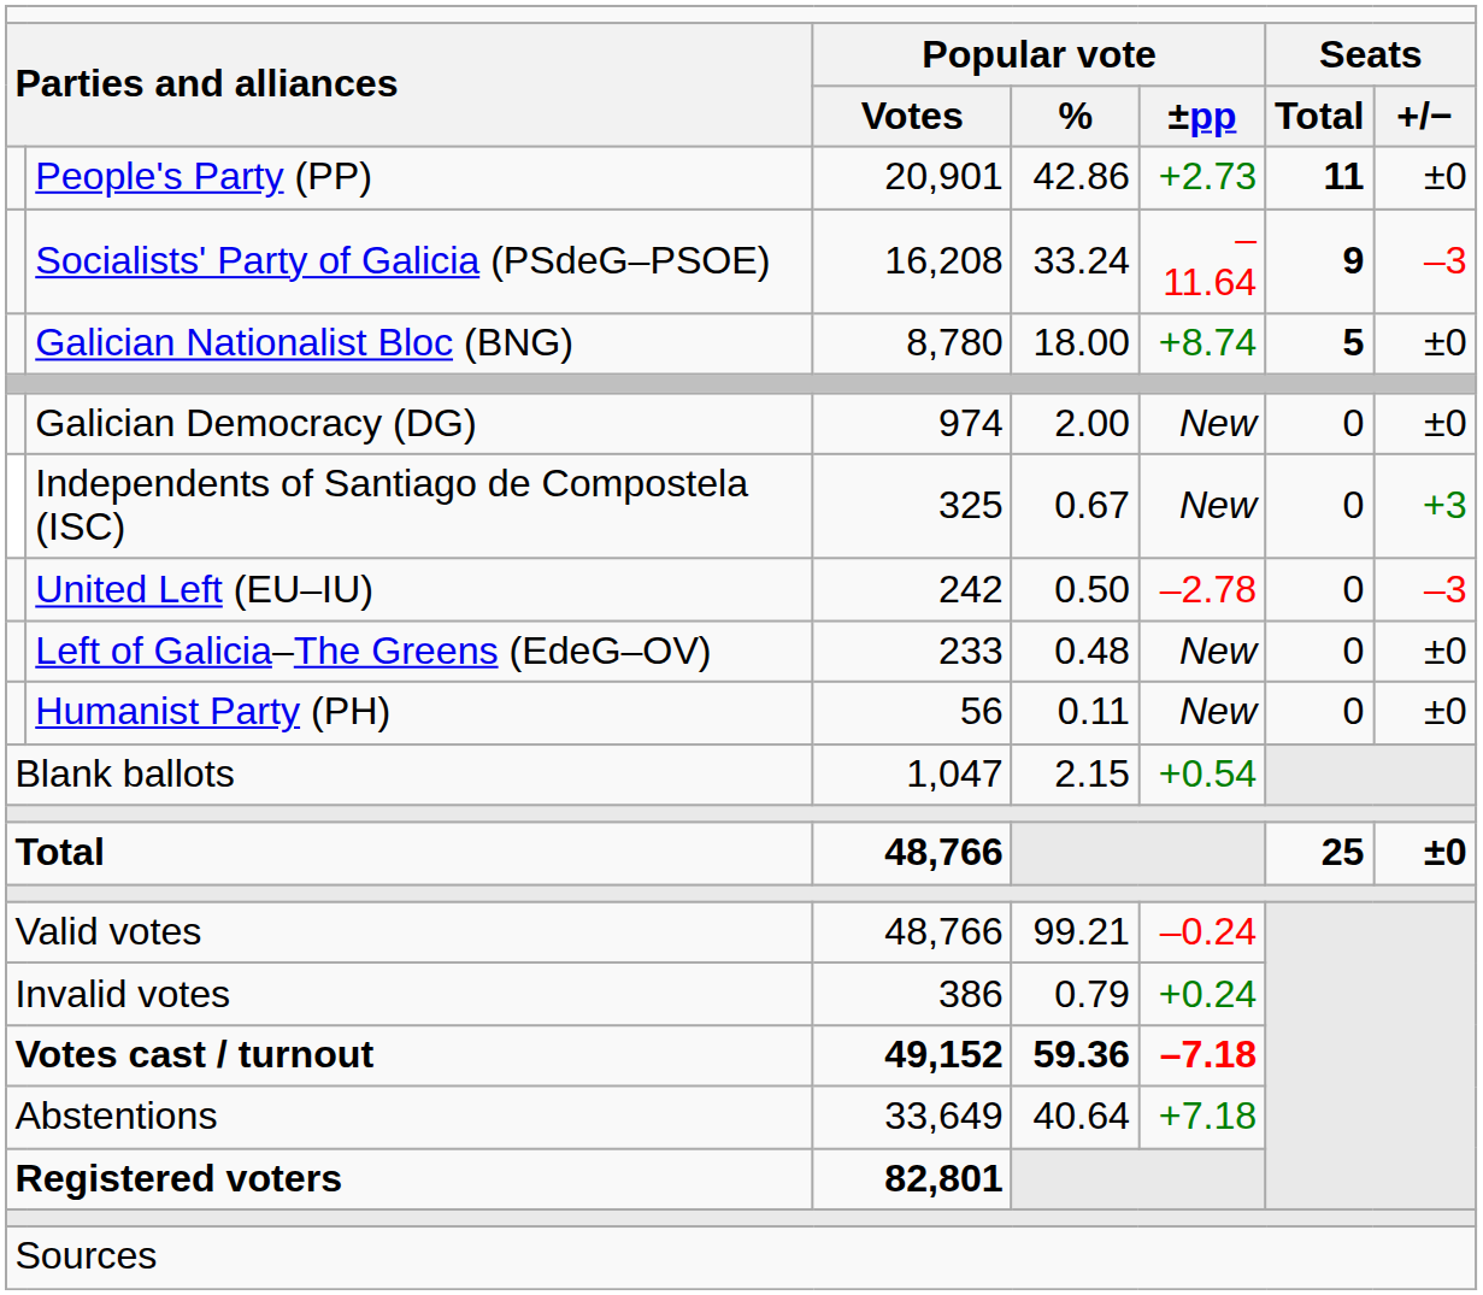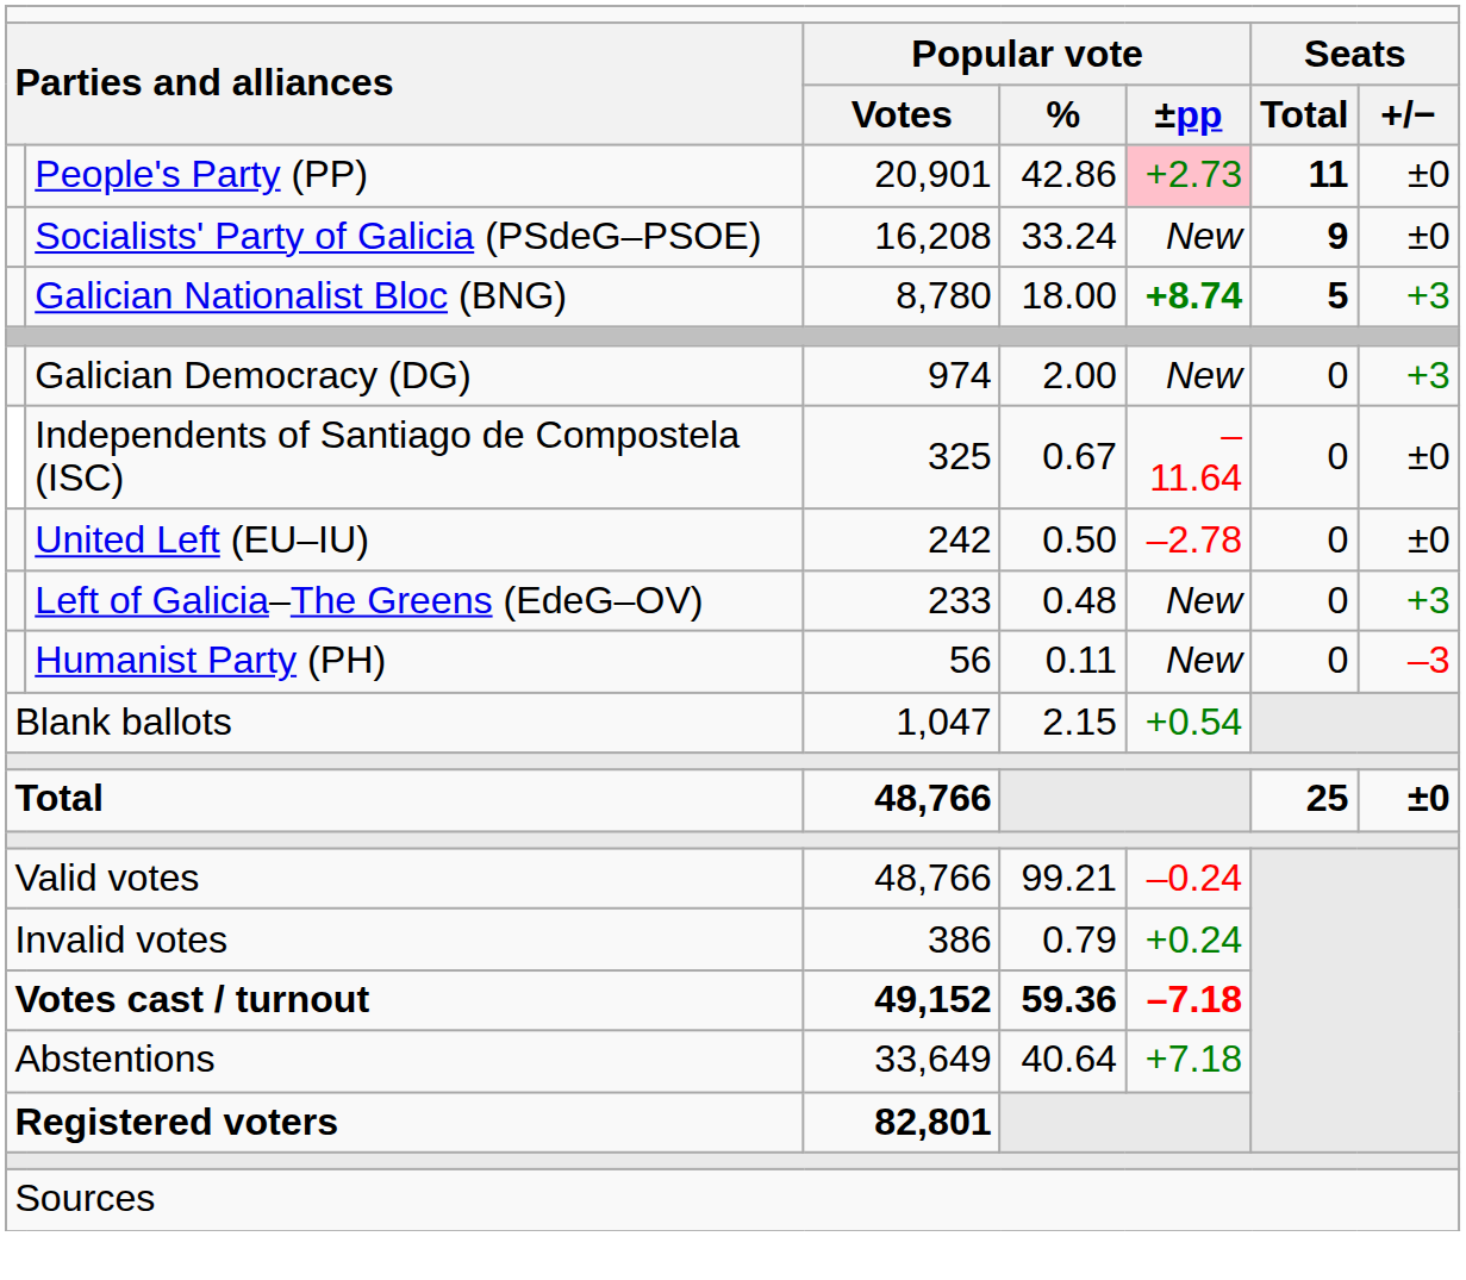 <table class="wikitable" style="text-align:right;">
 <tr>
 <td colspan="7"></td>
 </tr>
 <tr>
 <th style="text-align:left;" rowspan="2" colspan="2" width="525">Parties and alliances</th>
 <th colspan="3">Popular vote</th>
 <th colspan="2">Seats</th>
 </tr>
 <tr>
 <th width="75">Votes</th>
 <th width="45">%</th>
 <th width="45">±<a href='#'>pp</a></th>
 <th width="35">Total</th>
 <th width="35">+/−</th>
 </tr>
 <tr>
 <td width="1" style="color:inherit;background:"></td>
 <td align="left"><a href='#'>People's Party</a> (PP)</td>
 <td>20,901</td>
 <td>42.86</td>
-<td style="color:green;">+2.73</td>
+<td style="background: pink; color:green;">+2.73</td>
 <td><strong>11</strong></td>
 <td>±0</td>
 </tr>
 <tr>
 <td style="color:inherit;background:"></td>
 <td align="left"><a href='#'>Socialists' Party of Galicia</a> (PSdeG–PSOE)</td>
 <td>16,208</td>
 <td>33.24</td>
-<td style="color:red;">–11.64</td>
+<td><em>New</em></td>
 <td><strong>9</strong></td>
-<td style="color:red;">–3</td>
+<td>±0</td>
 </tr>
 <tr>
 <td style="color:inherit;background:"></td>
 <td align="left"><a href='#'>Galician Nationalist Bloc</a> (BNG)</td>
 <td>8,780</td>
 <td>18.00</td>
-<td style="color:green;">+8.74</td>
+<td style="color:green;"><strong>+8.74</strong></td>
 <td><strong>5</strong></td>
-<td>±0</td>
+<td style="color:green;">+3</td>
 </tr>
 <tr>
 <td colspan="7" bgcolor="#C0C0C0"></td>
 </tr>
 <tr>
 <td style="color:inherit;background:"></td>
 <td align="left">Galician Democracy (DG)</td>
 <td>974</td>
 <td>2.00</td>
 <td><em>New</em></td>
 <td>0</td>
-<td>±0</td>
+<td style="color:green;">+3</td>
 </tr>
 <tr>
 <td bgcolor="white"></td>
 <td align="left">Independents of Santiago de Compostela (ISC)</td>
 <td>325</td>
 <td>0.67</td>
-<td><em>New</em></td>
+<td style="color:red;">–11.64</td>
 <td>0</td>
-<td style="color:green;">+3</td>
+<td>±0</td>
 </tr>
 <tr>
 <td style="color:inherit;background:"></td>
 <td align="left"><a href='#'>United Left</a> (EU–IU)</td>
 <td>242</td>
 <td>0.50</td>
 <td style="color:red;">–2.78</td>
 <td>0</td>
-<td style="color:red;">–3</td>
+<td>±0</td>
 </tr>
 <tr>
 <td style="color:inherit;background:"></td>
 <td align="left"><a href='#'>Left of Galicia</a>–<a href='#'>The Greens</a> (EdeG–OV)</td>
 <td>233</td>
 <td>0.48</td>
 <td><em>New</em></td>
 <td>0</td>
-<td>±0</td>
+<td style="color:green;">+3</td>
 </tr>
 <tr>
 <td style="color:inherit;background:"></td>
 <td align="left"><a href='#'>Humanist Party</a> (PH)</td>
 <td>56</td>
 <td>0.11</td>
 <td><em>New</em></td>
 <td>0</td>
-<td>±0</td>
+<td style="color:red;">–3</td>
 </tr>
 <tr>
 <td align="left" colspan="2">Blank ballots</td>
 <td>1,047</td>
 <td>2.15</td>
 <td style="color:green;">+0.54</td>
 <td bgcolor="#E9E9E9" colspan="2"></td>
 </tr>
 <tr>
 <td colspan="7" bgcolor="#E9E9E9"></td>
 </tr>
 <tr style="font-weight:bold;">
 <td align="left" colspan="2">Total</td>
 <td>48,766</td>
 <td bgcolor="#E9E9E9" colspan="2"></td>
 <td>25</td>
 <td>±0</td>
 </tr>
 <tr>
 <td colspan="7" bgcolor="#E9E9E9"></td>
 </tr>
 <tr>
 <td align="left" colspan="2">Valid votes</td>
 <td>48,766</td>
 <td>99.21</td>
 <td style="color:red;">–0.24</td>
 <td bgcolor="#E9E9E9" colspan="2" rowspan="5"></td>
 </tr>
 <tr>
 <td align="left" colspan="2">Invalid votes</td>
 <td>386</td>
 <td>0.79</td>
 <td style="color:green;">+0.24</td>
 </tr>
 <tr style="font-weight:bold;">
 <td align="left" colspan="2">Votes cast / turnout</td>
 <td>49,152</td>
 <td>59.36</td>
 <td style="color:red;">–7.18</td>
 </tr>
 <tr>
 <td align="left" colspan="2">Abstentions</td>
 <td>33,649</td>
 <td>40.64</td>
 <td style="color:green;">+7.18</td>
 </tr>
 <tr style="font-weight:bold;">
 <td align="left" colspan="2">Registered voters</td>
 <td>82,801</td>
 <td bgcolor="#E9E9E9" colspan="2"></td>
 </tr>
 <tr>
 <td colspan="7" bgcolor="#E9E9E9"></td>
 </tr>
 <tr>
 <td align="left" colspan="7">Sources</td>
 </tr>
 </table>
